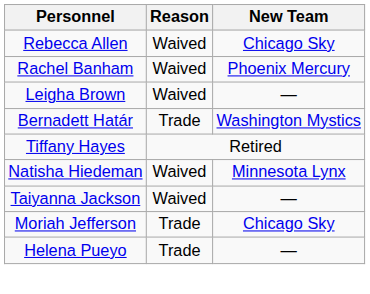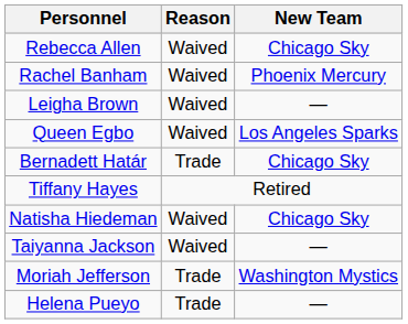 <table class="wikitable" style="text-align: center">
 <tr align="center"  bgcolor="#dddddd">
 <th><strong>Personnel</strong></th>
 <th><strong>Reason</strong></th>
 <th><strong>New Team</strong></th>
 </tr>
 <tr>
 <td><a href='#'>Rebecca Allen</a></td>
 <td>Waived</td>
 <td><a href='#'>Chicago Sky</a></td>
 </tr>
 <tr>
 <td><a href='#'>Rachel Banham</a></td>
 <td>Waived</td>
 <td><a href='#'>Phoenix Mercury</a></td>
 </tr>
 <tr>
 <td><a href='#'>Leigha Brown</a></td>
 <td>Waived</td>
 <td>—</td>
 </tr>
 <tr>
+<td><a href='#'>Queen Egbo</a></td>
+<td>Waived</td>
+<td><a href='#'>Los Angeles Sparks</a></td>
+</tr>
+<tr>
 <td><a href='#'>Bernadett Határ</a></td>
 <td>Trade</td>
-<td><a href='#'>Washington Mystics</a></td>
+<td><a href='#'>Chicago Sky</a></td>
 </tr>
 <tr>
 <td><a href='#'>Tiffany Hayes</a></td>
 <td colspan=2>Retired</td>
 </tr>
 <tr>
 <td><a href='#'>Natisha Hiedeman</a></td>
 <td>Waived</td>
-<td><a href='#'>Minnesota Lynx</a></td>
+<td><a href='#'>Chicago Sky</a></td>
 </tr>
 <tr>
 <td><a href='#'>Taiyanna Jackson</a></td>
 <td>Waived</td>
 <td>—</td>
 </tr>
 <tr>
 <td><a href='#'>Moriah Jefferson</a></td>
 <td>Trade</td>
-<td><a href='#'>Chicago Sky</a></td>
+<td><a href='#'>Washington Mystics</a></td>
 </tr>
 <tr>
 <td><a href='#'>Helena Pueyo</a></td>
 <td>Trade</td>
 <td>—</td>
 </tr>
 </table>
